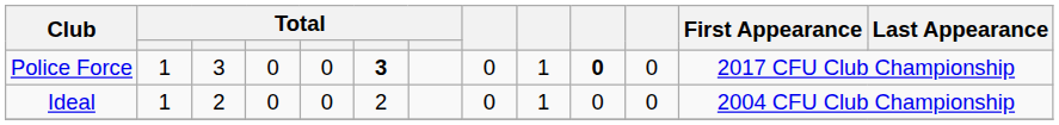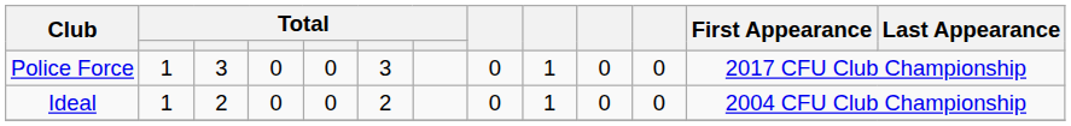 <table class="wikitable sortable" style="font-size:95%; text-align: center;">
 <tr>
 <th rowspan=2>Club</th>
 <th style="width:30px;" colspan=6>Total</th>
 <th rowspan=2 style="width:2em"></th>
 <th rowspan=2 style="width:2em"></th>
 <th rowspan=2 style="width:2em"></th>
 <th rowspan=2 style="width:2em"></th>
 <th rowspan=2>First Appearance</th>
 <th rowspan=2>Last Appearance</th>
 </tr>
 <tr>
 <th style="width:2em"></th>
 <th style="width:2em"></th>
 <th style="width:2em"></th>
 <th style="width:2em"></th>
 <th style="width:2em"></th>
 <th style="width:2em"></th>
 </tr>
 <tr>
 <td><a href='#'>Police Force</a></td>
 <td>1</td>
 <td>3</td>
 <td>0</td>
 <td>0</td>
-<td><strong>3</strong></td>
+<td>3</td>
 <td></td>
 <td>0</td>
 <td>1</td>
-<td><strong>0</strong></td>
+<td>0</td>
 <td>0</td>
 <td colspan="2"><a href='#'>2017 CFU Club Championship</a></td>
 </tr>
 <tr>
 <td><a href='#'>Ideal</a></td>
 <td>1</td>
 <td>2</td>
 <td>0</td>
 <td>0</td>
 <td>2</td>
 <td></td>
 <td>0</td>
 <td>1</td>
 <td>0</td>
 <td>0</td>
 <td colspan="2"><a href='#'>2004 CFU Club Championship</a></td>
 </tr>
 <tr>
 </tr>
 </table>
